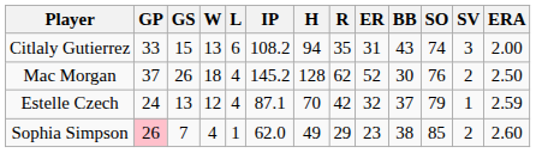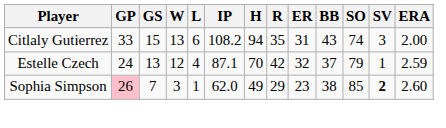 <table class="wikitable sortable">
 <tr>
 <th>Player</th>
 <th>GP</th>
 <th>GS</th>
 <th>W</th>
 <th>L</th>
 <th>IP</th>
 <th>H</th>
 <th>R</th>
 <th>ER</th>
 <th>BB</th>
 <th>SO</th>
 <th>SV</th>
 <th>ERA</th>
 </tr>
 <tr style="text-align:center;">
 <td>Citlaly Gutierrez</td>
 <td>33</td>
 <td>15</td>
 <td>13</td>
 <td>6</td>
 <td>108.2</td>
 <td>94</td>
 <td>35</td>
 <td>31</td>
 <td>43</td>
 <td>74</td>
 <td>3</td>
 <td>2.00</td>
 </tr>
 <tr style="text-align:center;">
-<td>Mac Morgan</td>
-<td>37</td>
-<td>26</td>
-<td>18</td>
-<td>4</td>
-<td>145.2</td>
-<td>128</td>
-<td>62</td>
-<td>52</td>
-<td>30</td>
-<td>76</td>
-<td>2</td>
-<td>2.50</td>
-</tr>
-<tr style="text-align:center;">
 <td>Estelle Czech</td>
 <td>24</td>
 <td>13</td>
 <td>12</td>
 <td>4</td>
 <td>87.1</td>
 <td>70</td>
 <td>42</td>
 <td>32</td>
 <td>37</td>
 <td>79</td>
 <td>1</td>
 <td>2.59</td>
 </tr>
 <tr style="text-align:center;">
 <td>Sophia Simpson</td>
 <td style="background: pink;">26</td>
 <td>7</td>
-<td>4</td>
+<td>3</td>
 <td>1</td>
 <td>62.0</td>
 <td>49</td>
 <td>29</td>
 <td>23</td>
 <td>38</td>
 <td>85</td>
-<td>2</td>
+<td><strong>2</strong></td>
 <td>2.60</td>
 </tr>
 </table>
